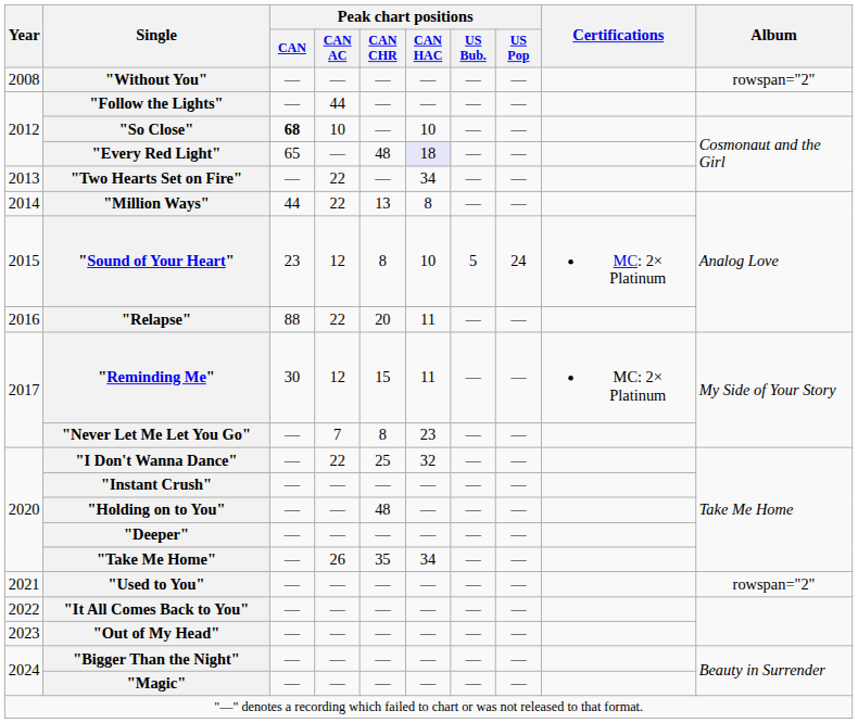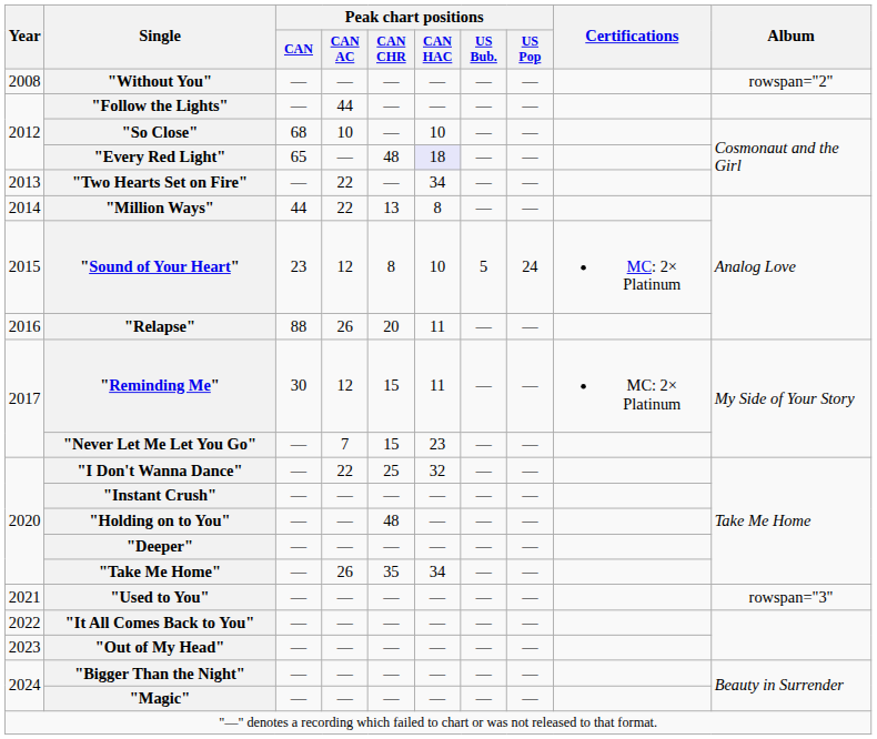 <table class="wikitable plainrowheaders" style="text-align:center;">
 <tr>
 <th rowspan="2">Year</th>
 <th rowspan="2" style="width:14em;">Single</th>
 <th colspan="6">Peak chart positions</th>
 <th rowspan="2"><a href='#'>Certifications</a></th>
 <th rowspan="2">Album</th>
 </tr>
 <tr style="font-size:smaller;">
 <th scope="col" style="width:3em"><a href='#'>CAN</a><br></th>
 <th scope="col" style="width:3em"><a href='#'>CAN AC</a><br></th>
 <th scope="col" style="width:3em"><a href='#'>CAN CHR</a><br></th>
 <th scope="col" style="width:3em"><a href='#'>CAN HAC</a><br></th>
 <th scope="col" style="width:3em"><a href='#'>US Bub.</a><br></th>
 <th scope="col" style="width:3em"><a href='#'>US Pop</a><br></th>
 </tr>
 <tr>
 <td>2008</td>
 <th scope="row">"Without You"</th>
 <td>—</td>
 <td>—</td>
 <td>—</td>
 <td>—</td>
 <td>—</td>
 <td>—</td>
 <td></td>
 <td>rowspan="2" </td>
 </tr>
 <tr>
 <td rowspan="3">2012</td>
 <th scope="row">"Follow the Lights"</th>
 <td>—</td>
 <td>44</td>
 <td>—</td>
 <td>—</td>
 <td>—</td>
 <td>—</td>
 <td></td>
 </tr>
 <tr>
 <th scope="row">"So Close"</th>
-<td><strong>68</strong></td>
+<td>68</td>
 <td>10</td>
 <td>—</td>
 <td>10</td>
 <td>—</td>
 <td>—</td>
 <td></td>
 <td rowspan="3" align="left"><em>Cosmonaut and the Girl</em></td>
 </tr>
 <tr>
 <th scope="row">"Every Red Light"</th>
 <td>65</td>
 <td>—</td>
 <td>48</td>
 <td style="background: lavender;">18</td>
 <td>—</td>
 <td>—</td>
 <td></td>
 </tr>
 <tr>
 <td>2013</td>
 <th scope="row">"Two Hearts Set on Fire"</th>
 <td>—</td>
 <td>22</td>
 <td>—</td>
 <td>34</td>
 <td>—</td>
 <td>—</td>
 <td></td>
 </tr>
 <tr>
 <td>2014</td>
 <th scope="row">"Million Ways"</th>
 <td>44</td>
 <td>22</td>
 <td>13</td>
 <td>8</td>
 <td>—</td>
 <td>—</td>
 <td></td>
 <td rowspan="3" align="left"><em>Analog Love</em></td>
 </tr>
 <tr>
 <td>2015</td>
 <th scope="row">"<a href='#'>Sound of Your Heart</a>"</th>
 <td>23</td>
 <td>12</td>
 <td>8</td>
 <td>10</td>
 <td>5</td>
 <td>24</td>
 <td><br><ul><li><a href='#'>MC</a>: 2× Platinum</li></ul></td>
 </tr>
 <tr>
 <td>2016</td>
 <th scope="row">"Relapse"</th>
 <td>88</td>
-<td>22</td>
+<td>26</td>
 <td>20</td>
 <td>11</td>
 <td>—</td>
 <td>—</td>
 <td></td>
 </tr>
 <tr>
 <td rowspan="2">2017</td>
 <th scope="row">"<a href='#'>Reminding Me</a>"<br></th>
 <td>30</td>
 <td>12</td>
 <td>15</td>
 <td>11</td>
 <td>—</td>
 <td>—</td>
 <td><br><ul><li>MC: 2× Platinum</li></ul></td>
 <td rowspan="2" align="left"><em>My Side of Your Story</em></td>
 </tr>
 <tr>
 <th scope="row">"Never Let Me Let You Go"</th>
 <td>—</td>
 <td>7</td>
-<td>8</td>
+<td>15</td>
 <td>23</td>
 <td>—</td>
 <td>—</td>
 <td></td>
 </tr>
 <tr>
 <td rowspan="5">2020</td>
 <th scope="row">"I Don't Wanna Dance"</th>
 <td>—</td>
 <td>22</td>
 <td>25</td>
 <td>32</td>
 <td>—</td>
 <td>—</td>
 <td></td>
 <td rowspan="5" align="left"><em>Take Me Home</em></td>
 </tr>
 <tr>
 <th scope="row">"Instant Crush"</th>
 <td>—</td>
 <td>—</td>
 <td>—</td>
 <td>—</td>
 <td>—</td>
 <td>—</td>
 <td></td>
 </tr>
 <tr>
 <th scope="row">"Holding on to You"</th>
 <td>—</td>
 <td>—</td>
 <td>48</td>
 <td>—</td>
 <td>—</td>
 <td>—</td>
 <td></td>
 </tr>
 <tr>
 <th scope="row">"Deeper"</th>
 <td>—</td>
 <td>—</td>
 <td>—</td>
 <td>—</td>
 <td>—</td>
 <td>—</td>
 <td></td>
 </tr>
 <tr>
 <th scope="row">"Take Me Home"</th>
 <td>—</td>
 <td>26</td>
 <td>35</td>
 <td>34</td>
 <td>—</td>
 <td>—</td>
 <td></td>
 </tr>
 <tr>
 <td>2021</td>
 <th scope="row">"Used to You"<br></th>
 <td>—</td>
 <td>—</td>
 <td>—</td>
 <td>—</td>
 <td>—</td>
 <td>—</td>
 <td></td>
-<td>rowspan="2" </td>
+<td>rowspan="3" </td>
 </tr>
 <tr>
 <td>2022</td>
 <th scope="row">"It All Comes Back to You"<br></th>
 <td>—</td>
 <td>—</td>
 <td>—</td>
 <td>—</td>
 <td>—</td>
 <td>—</td>
 <td></td>
 </tr>
 <tr>
 <td>2023</td>
 <th scope="row">"Out of My Head"<br></th>
 <td>—</td>
 <td>—</td>
 <td>—</td>
 <td>—</td>
 <td>—</td>
 <td>—</td>
 <td></td>
 </tr>
 <tr>
 <td rowspan="2">2024</td>
 <th scope="row">"Bigger Than the Night"</th>
 <td>—</td>
 <td>—</td>
 <td>—</td>
 <td>—</td>
 <td>—</td>
 <td>—</td>
 <td></td>
 <td rowspan="2" align="left"><em>Beauty in Surrender</em></td>
 </tr>
 <tr>
 <th scope="row">"Magic"</th>
 <td>—</td>
 <td>—</td>
 <td>—</td>
 <td>—</td>
 <td>—</td>
 <td>—</td>
 <td></td>
 </tr>
 <tr>
 <td colspan="10" style="font-size:85%;">"—" denotes a recording which failed to chart or was not released to that format.</td>
 </tr>
 </table>
